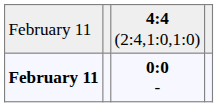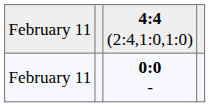 <table bgcolor="#f7f8ff" cellpadding="3" cellspacing="0" border="1" style="font-size: 95%; border: gray solid 1px; border-collapse: collapse;">
 <tr bgcolor="#EFEFEF">
 <td>February 11</td>
 <td></td>
 <td align="center"><strong>4:4</strong><br>(2:4,1:0,1:0)</td>
 <td></td>
 </tr>
 <tr>
-<td><strong>February 11</strong></td>
+<td>February 11</td>
 <td></td>
 <td align="center"><strong>0:0</strong><br>-</td>
 <td></td>
 </tr>
 </table>
